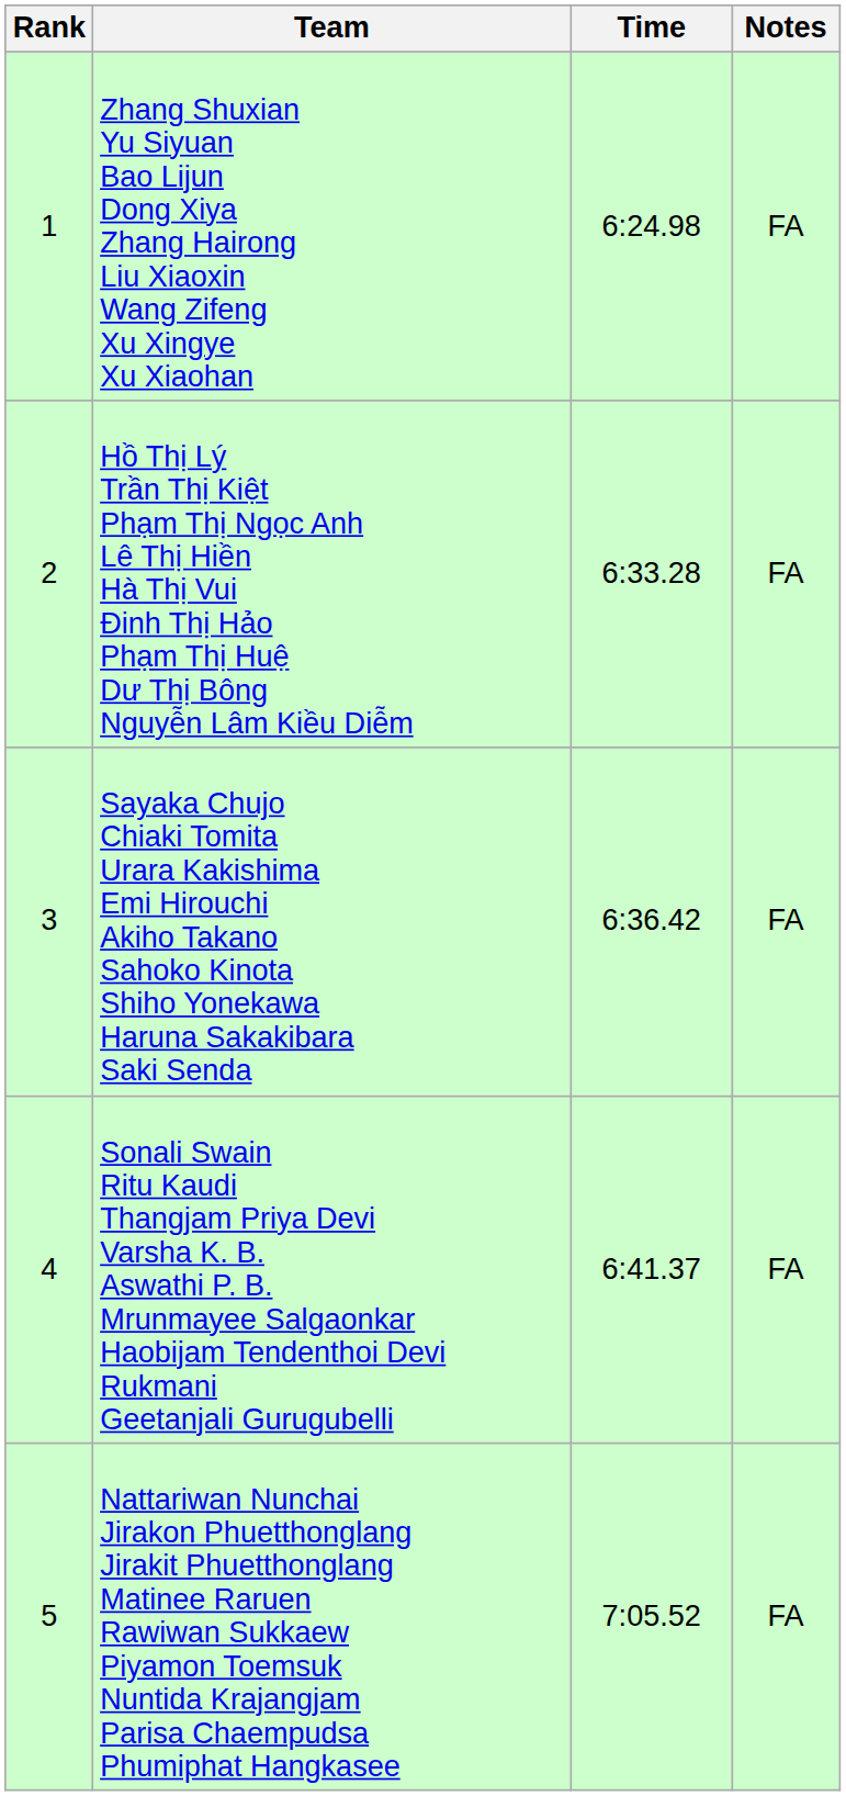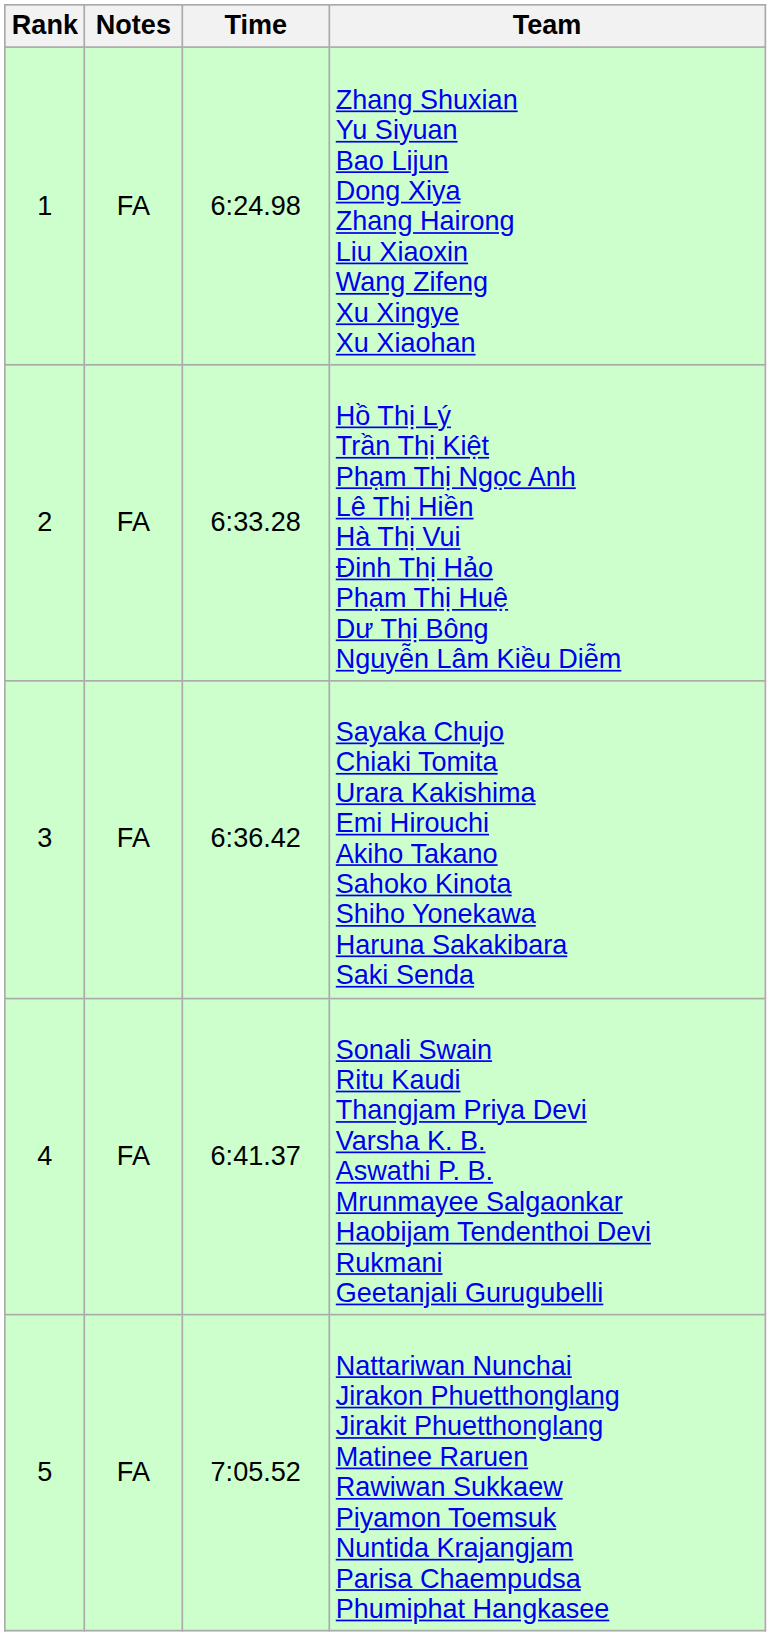 <table class=wikitable style="text-align:center">
 <tr>
 <th width=40>Rank</th>
+<th width=50>Notes</th>
+<th width=80>Time</th>
 <th width=250>Team</th>
-<th width=80>Time</th>
-<th width=50>Notes</th>
 </tr>
 <tr bgcolor="ccffcc">
 <td>1</td>
+<td>FA</td>
+<td>6:24.98</td>
 <td align="left"><br><a href='#'>Zhang Shuxian</a><br><a href='#'>Yu Siyuan</a><br><a href='#'>Bao Lijun</a><br><a href='#'>Dong Xiya</a><br><a href='#'>Zhang Hairong</a><br><a href='#'>Liu Xiaoxin</a><br><a href='#'>Wang Zifeng</a><br><a href='#'>Xu Xingye</a><br><a href='#'>Xu Xiaohan</a></td>
-<td>6:24.98</td>
-<td>FA</td>
 </tr>
 <tr bgcolor="ccffcc">
 <td>2</td>
+<td>FA</td>
+<td>6:33.28</td>
 <td align="left"><br><a href='#'>Hồ Thị Lý</a><br><a href='#'>Trần Thị Kiệt</a><br><a href='#'>Phạm Thị Ngọc Anh</a><br><a href='#'>Lê Thị Hiền</a><br><a href='#'>Hà Thị Vui</a><br><a href='#'>Đinh Thị Hảo</a><br><a href='#'>Phạm Thị Huệ</a><br><a href='#'>Dư Thị Bông</a><br><a href='#'>Nguyễn Lâm Kiều Diễm</a></td>
-<td>6:33.28</td>
-<td>FA</td>
 </tr>
 <tr bgcolor="ccffcc">
 <td>3</td>
+<td>FA</td>
+<td>6:36.42</td>
 <td align="left"><br><a href='#'>Sayaka Chujo</a><br><a href='#'>Chiaki Tomita</a><br><a href='#'>Urara Kakishima</a><br><a href='#'>Emi Hirouchi</a><br><a href='#'>Akiho Takano</a><br><a href='#'>Sahoko Kinota</a><br><a href='#'>Shiho Yonekawa</a><br><a href='#'>Haruna Sakakibara</a><br><a href='#'>Saki Senda</a></td>
-<td>6:36.42</td>
-<td>FA</td>
 </tr>
 <tr bgcolor="ccffcc">
 <td>4</td>
+<td>FA</td>
+<td>6:41.37</td>
 <td align="left"><br><a href='#'>Sonali Swain</a><br><a href='#'>Ritu Kaudi</a><br><a href='#'>Thangjam Priya Devi</a><br><a href='#'>Varsha K. B.</a><br><a href='#'>Aswathi P. B.</a><br><a href='#'>Mrunmayee Salgaonkar</a><br><a href='#'>Haobijam Tendenthoi Devi</a><br><a href='#'>Rukmani</a><br><a href='#'>Geetanjali Gurugubelli</a></td>
-<td>6:41.37</td>
-<td>FA</td>
 </tr>
 <tr bgcolor="ccffcc">
 <td>5</td>
+<td>FA</td>
+<td>7:05.52</td>
 <td align="left"><br><a href='#'>Nattariwan Nunchai</a><br><a href='#'>Jirakon Phuetthonglang</a><br><a href='#'>Jirakit Phuetthonglang</a><br><a href='#'>Matinee Raruen</a><br><a href='#'>Rawiwan Sukkaew</a><br><a href='#'>Piyamon Toemsuk</a><br><a href='#'>Nuntida Krajangjam</a><br><a href='#'>Parisa Chaempudsa</a><br><a href='#'>Phumiphat Hangkasee</a></td>
-<td>7:05.52</td>
-<td>FA</td>
 </tr>
 </table>
